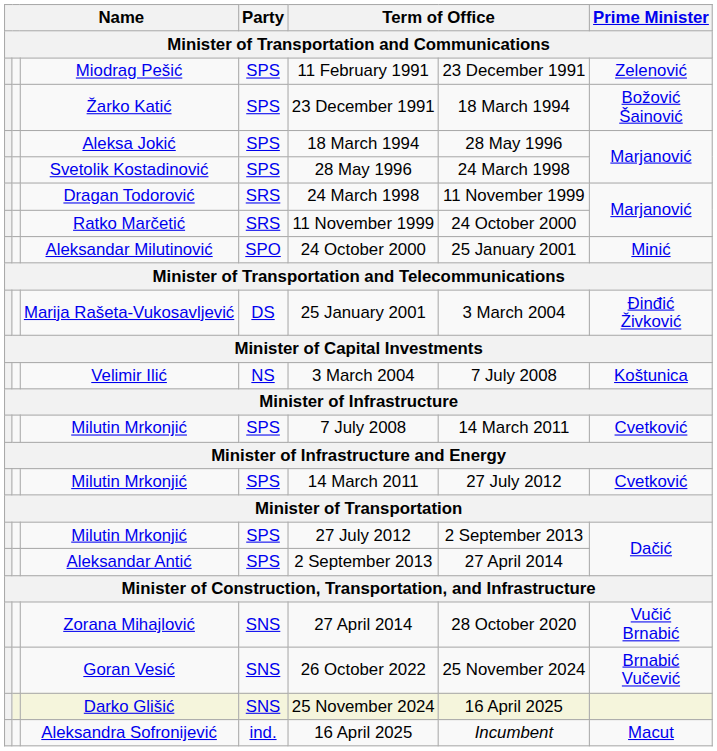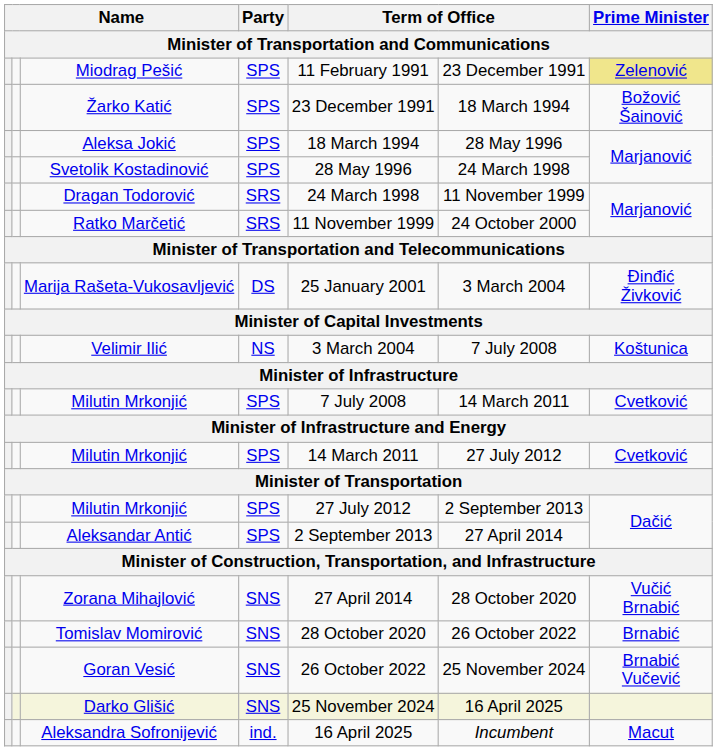 <table class="wikitable" style="text-align:center;">
 <tr>
 <th colspan=3>Name<br></th>
 <th>Party</th>
 <th colspan=2>Term of Office</th>
 <th><a href='#'>Prime Minister</a><br></th>
 </tr>
 <tr>
 <th colspan="7">Minister of Transportation and Communications</th>
 </tr>
 <tr>
 <th style="background:"></th>
 <td></td>
 <td><a href='#'>Miodrag Pešić</a></td>
 <td><a href='#'>SPS</a></td>
 <td>11 February 1991</td>
 <td>23 December 1991</td>
-<td><a href='#'>Zelenović</a> </td>
+<td style="background: khaki;"><a href='#'>Zelenović</a> </td>
 </tr>
 <tr>
 <th style="background:"></th>
 <td></td>
 <td><a href='#'>Žarko Katić</a></td>
 <td><a href='#'>SPS</a></td>
 <td>23 December 1991</td>
 <td>18 March 1994</td>
 <td><a href='#'>Božović</a> <br><a href='#'>Šainović</a> </td>
 </tr>
 <tr>
 <th style="background:"></th>
 <td></td>
 <td><a href='#'>Aleksa Jokić</a><br></td>
 <td><a href='#'>SPS</a></td>
 <td>18 March 1994</td>
 <td>28 May 1996</td>
 <td rowspan=2><a href='#'>Marjanović</a> </td>
 </tr>
 <tr>
 <th style="background:"></th>
 <td></td>
 <td><a href='#'>Svetolik Kostadinović</a><br></td>
 <td><a href='#'>SPS</a></td>
 <td>28 May 1996</td>
 <td>24 March 1998</td>
 </tr>
 <tr>
 <th style="background:"></th>
 <td></td>
 <td><a href='#'>Dragan Todorović</a><br></td>
 <td><a href='#'>SRS</a></td>
 <td>24 March 1998</td>
 <td>11 November 1999</td>
 <td rowspan=2><a href='#'>Marjanović</a> </td>
 </tr>
 <tr>
 <th style="background:"></th>
 <td></td>
 <td><a href='#'>Ratko Marčetić</a><br></td>
 <td><a href='#'>SRS</a></td>
 <td>11 November 1999</td>
 <td>24 October 2000</td>
-</tr>
-<tr>
-<th style="background:"></th>
-<td></td>
-<td><a href='#'>Aleksandar Milutinović</a><br></td>
-<td><a href='#'>SPO</a></td>
-<td>24 October 2000</td>
-<td>25 January 2001</td>
-<td><a href='#'>Minić</a> </td>
 </tr>
 <tr>
 <th colspan="7">Minister of Transportation and Telecommunications</th>
 </tr>
 <tr>
 <th style="background:"></th>
 <td></td>
 <td><a href='#'>Marija Rašeta-Vukosavljević</a><br></td>
 <td><a href='#'>DS</a></td>
 <td>25 January 2001</td>
 <td>3 March 2004</td>
 <td><a href='#'>Đinđić</a> <br><a href='#'>Živković</a> </td>
 </tr>
 <tr>
 <th colspan="7">Minister of Capital Investments</th>
 </tr>
 <tr>
 <th style="background:"></th>
 <td></td>
 <td><a href='#'>Velimir Ilić</a><br></td>
 <td><a href='#'>NS</a></td>
 <td>3 March 2004</td>
 <td>7 July 2008</td>
 <td><a href='#'>Koštunica</a> </td>
 </tr>
 <tr>
 <th colspan="7">Minister of Infrastructure</th>
 </tr>
 <tr>
 <th style="background:"></th>
 <td></td>
 <td><a href='#'>Milutin Mrkonjić</a><br></td>
 <td><a href='#'>SPS</a></td>
 <td>7 July 2008</td>
 <td>14 March 2011</td>
 <td><a href='#'>Cvetković</a> </td>
 </tr>
 <tr>
 <th colspan="7">Minister of Infrastructure and Energy</th>
 </tr>
 <tr>
 <th style="background:"></th>
 <td></td>
 <td><a href='#'>Milutin Mrkonjić</a><br></td>
 <td><a href='#'>SPS</a></td>
 <td>14 March 2011</td>
 <td>27 July 2012</td>
 <td><a href='#'>Cvetković</a> </td>
 </tr>
 <tr>
 <th colspan="7">Minister of Transportation</th>
 </tr>
 <tr>
 <th style="background:"></th>
 <td></td>
 <td><a href='#'>Milutin Mrkonjić</a><br></td>
 <td><a href='#'>SPS</a></td>
 <td>27 July 2012</td>
 <td>2 September 2013</td>
 <td rowspan=2><a href='#'>Dačić</a> </td>
 </tr>
 <tr>
 <th style="background:"></th>
 <td></td>
 <td><a href='#'>Aleksandar Antić</a><br></td>
 <td><a href='#'>SPS</a></td>
 <td>2 September 2013</td>
 <td>27 April 2014</td>
 </tr>
 <tr>
 <th colspan="7">Minister of Construction, Transportation, and Infrastructure</th>
 </tr>
 <tr>
 <th style="background:"></th>
 <td></td>
 <td><a href='#'>Zorana Mihajlović</a><br></td>
 <td><a href='#'>SNS</a></td>
 <td>27 April 2014</td>
 <td>28 October 2020</td>
 <td><a href='#'>Vučić</a> <br><a href='#'>Brnabić</a> </td>
 </tr>
 <tr>
 <th style="background:"></th>
 <td></td>
+<td><a href='#'>Tomislav Momirović</a><br></td>
+<td><a href='#'>SNS</a></td>
+<td>28 October 2020</td>
+<td>26 October 2022</td>
+<td><a href='#'>Brnabić</a> </td>
+</tr>
+<tr>
+<th style="background:"></th>
+<td></td>
 <td><a href='#'>Goran Vesić</a><br></td>
 <td><a href='#'>SNS</a></td>
 <td>26 October 2022</td>
 <td>25 November 2024</td>
 <td><a href='#'>Brnabić</a> <br><a href='#'>Vučević</a> </td>
 </tr>
 <tr>
 <th style="background:"></th>
 <td style="background:#F5F5DC;"></td>
 <td style="background:#F5F5DC;"><a href='#'>Darko Glišić</a><br></td>
 <td style="background:#F5F5DC;"><a href='#'>SNS</a></td>
 <td style="background:#F5F5DC;">25 November 2024</td>
 <td style="background:#F5F5DC;">16 April 2025</td>
 <td style="background:#F5F5DC;"></td>
 </tr>
 <tr>
 <th style="background:"></th>
 <td></td>
 <td><a href='#'>Aleksandra Sofronijević</a><br></td>
 <td><a href='#'>ind.</a></td>
 <td>16 April 2025</td>
 <td><em>Incumbent</em></td>
 <td><a href='#'>Macut</a> </td>
 </tr>
 </table>
